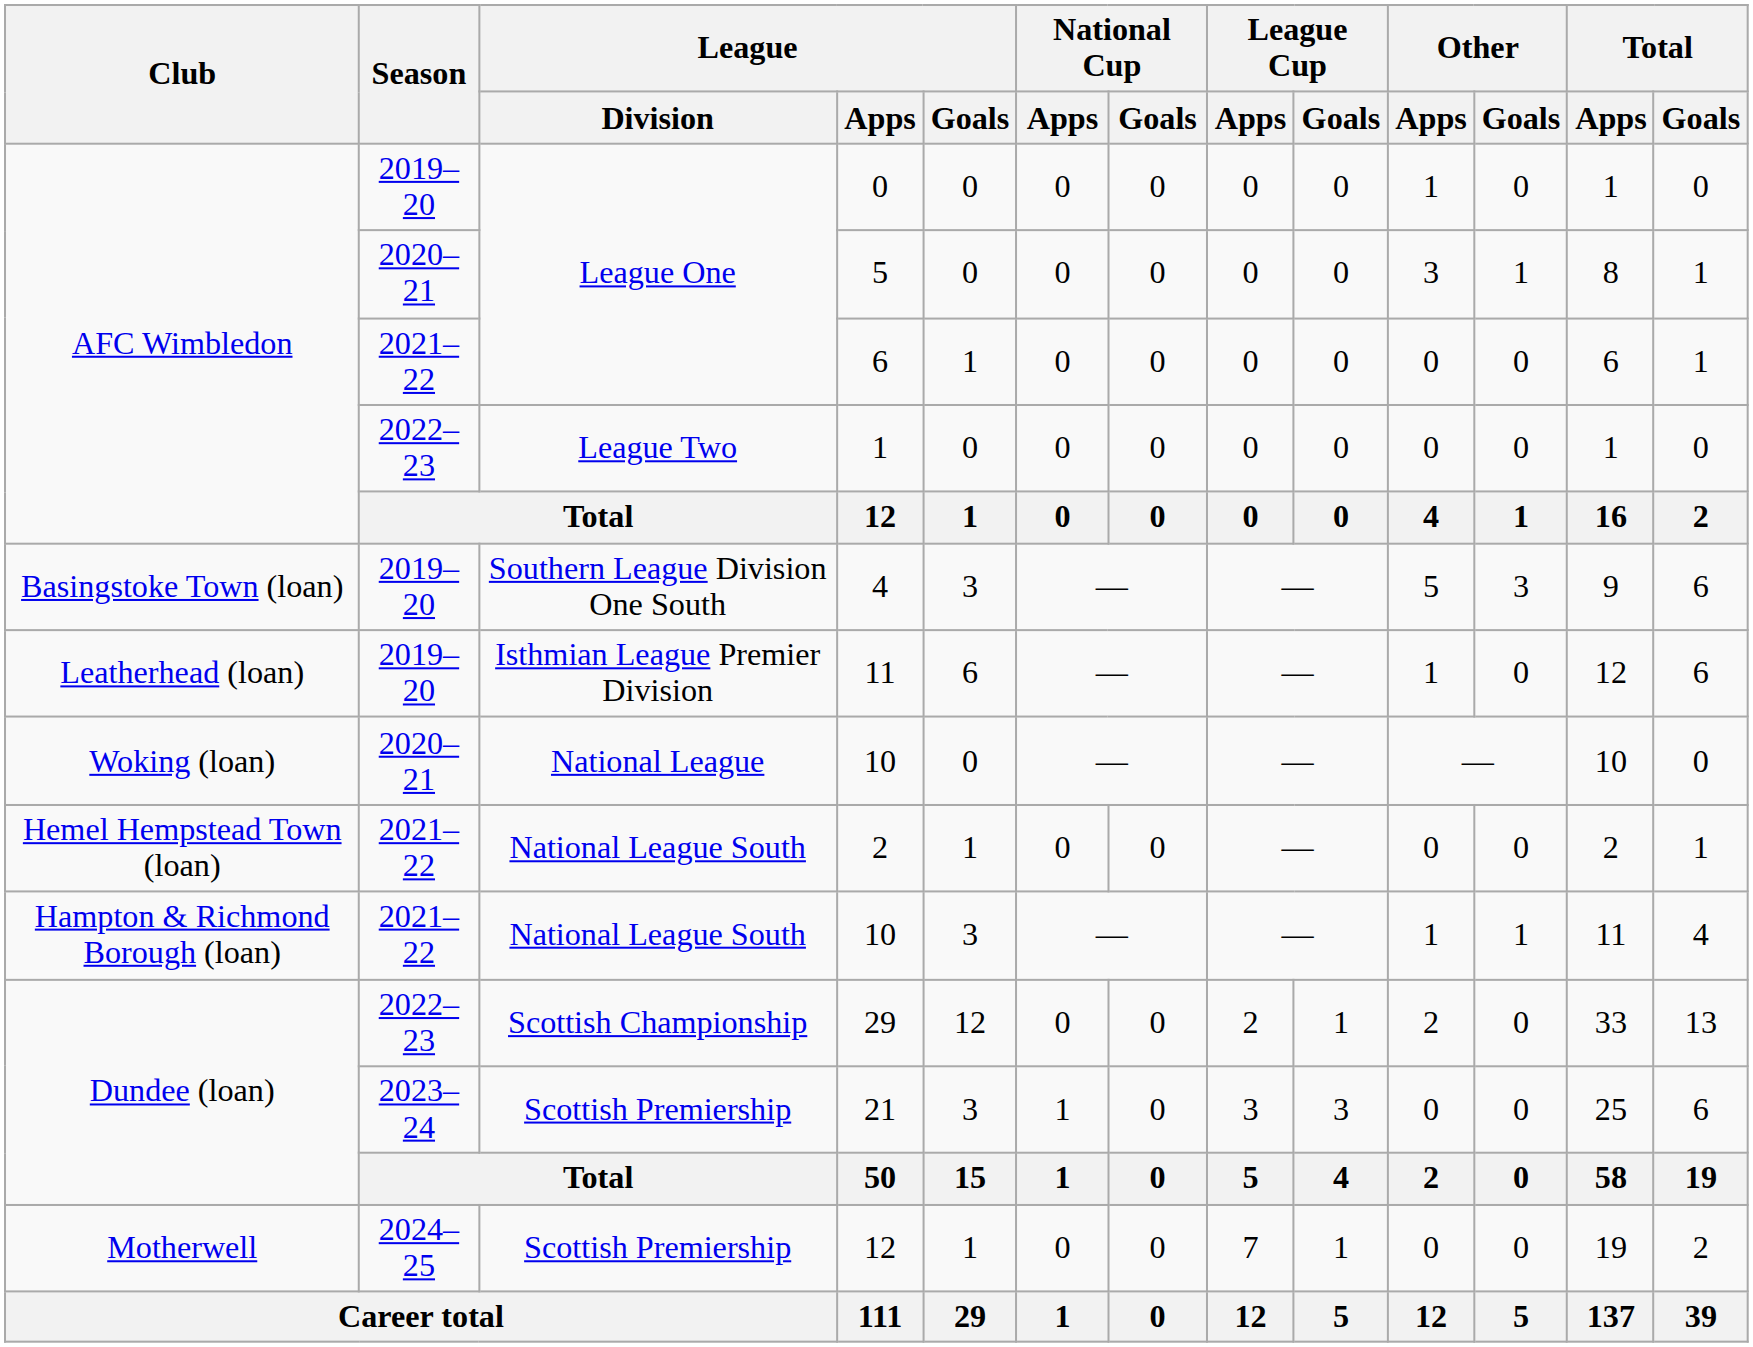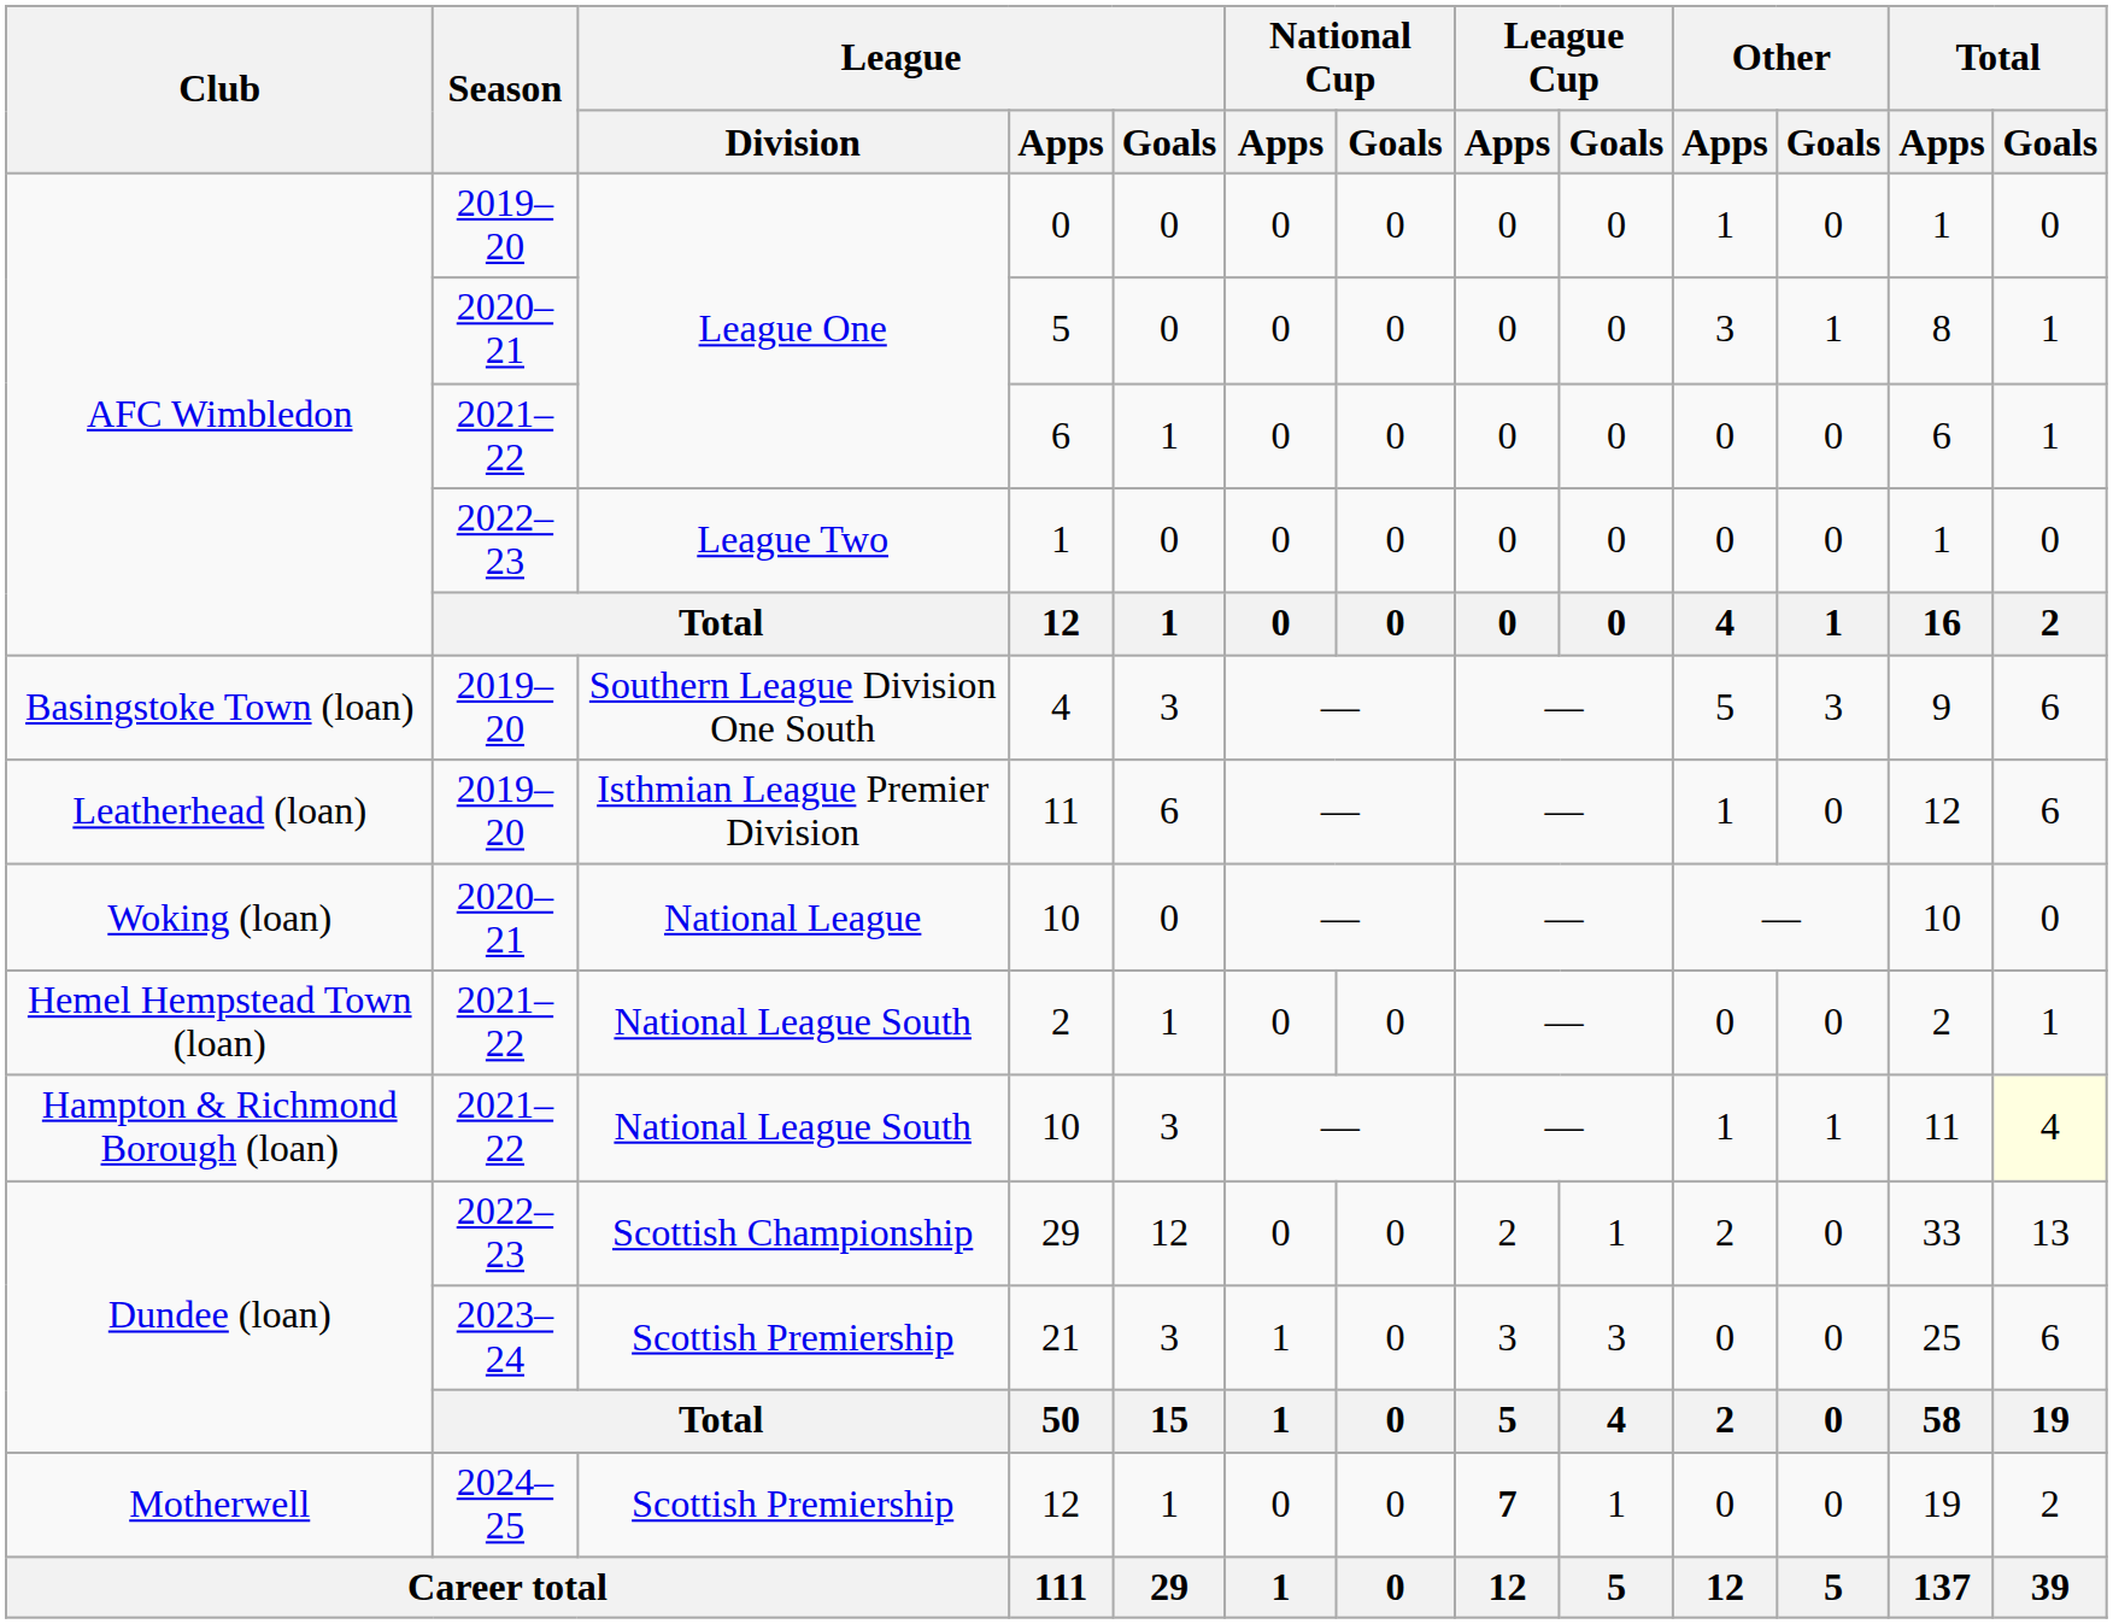 <table class="wikitable" style="text-align:center">
 <tr>
 <th rowspan="2">Club</th>
 <th rowspan="2">Season</th>
 <th colspan="3">League</th>
 <th colspan="2">National Cup</th>
 <th colspan="2">League Cup</th>
 <th colspan="2">Other</th>
 <th colspan="2">Total</th>
 </tr>
 <tr>
 <th>Division</th>
 <th>Apps</th>
 <th>Goals</th>
 <th>Apps</th>
 <th>Goals</th>
 <th>Apps</th>
 <th>Goals</th>
 <th>Apps</th>
 <th>Goals</th>
 <th>Apps</th>
 <th>Goals</th>
 </tr>
 <tr>
 <td rowspan="5"><a href='#'>AFC Wimbledon</a></td>
 <td><a href='#'>2019–20</a></td>
 <td rowspan="3"><a href='#'>League One</a></td>
 <td>0</td>
 <td>0</td>
 <td>0</td>
 <td>0</td>
 <td>0</td>
 <td>0</td>
 <td>1</td>
 <td>0</td>
 <td>1</td>
 <td>0</td>
 </tr>
 <tr>
 <td><a href='#'>2020–21</a></td>
 <td>5</td>
 <td>0</td>
 <td>0</td>
 <td>0</td>
 <td>0</td>
 <td>0</td>
 <td>3</td>
 <td>1</td>
 <td>8</td>
 <td>1</td>
 </tr>
 <tr>
 <td><a href='#'>2021–22</a></td>
 <td>6</td>
 <td>1</td>
 <td>0</td>
 <td>0</td>
 <td>0</td>
 <td>0</td>
 <td>0</td>
 <td>0</td>
 <td>6</td>
 <td>1</td>
 </tr>
 <tr>
 <td><a href='#'>2022–23</a></td>
 <td><a href='#'>League Two</a></td>
 <td>1</td>
 <td>0</td>
 <td>0</td>
 <td>0</td>
 <td>0</td>
 <td>0</td>
 <td>0</td>
 <td>0</td>
 <td>1</td>
 <td>0</td>
 </tr>
 <tr>
 <th colspan=2>Total</th>
 <th>12</th>
 <th>1</th>
 <th>0</th>
 <th>0</th>
 <th>0</th>
 <th>0</th>
 <th>4</th>
 <th>1</th>
 <th>16</th>
 <th>2</th>
 </tr>
 <tr>
 <td><a href='#'>Basingstoke Town</a> (loan)</td>
 <td><a href='#'>2019–20</a></td>
 <td><a href='#'>Southern League</a> Division One South</td>
 <td>4</td>
 <td>3</td>
 <td colspan="2">—</td>
 <td colspan="2">—</td>
 <td>5</td>
 <td>3</td>
 <td>9</td>
 <td>6</td>
 </tr>
 <tr>
 <td><a href='#'>Leatherhead</a> (loan)</td>
 <td><a href='#'>2019–20</a></td>
 <td><a href='#'>Isthmian League</a> Premier Division</td>
 <td>11</td>
 <td>6</td>
 <td colspan="2">—</td>
 <td colspan="2">—</td>
 <td>1</td>
 <td>0</td>
 <td>12</td>
 <td>6</td>
 </tr>
 <tr>
 <td><a href='#'>Woking</a> (loan)</td>
 <td><a href='#'>2020–21</a></td>
 <td><a href='#'>National League</a></td>
 <td>10</td>
 <td>0</td>
 <td colspan="2">—</td>
 <td colspan="2">—</td>
 <td colspan="2">—</td>
 <td>10</td>
 <td>0</td>
 </tr>
 <tr>
 <td><a href='#'>Hemel Hempstead Town</a> (loan)</td>
 <td><a href='#'>2021–22</a></td>
 <td><a href='#'>National League South</a></td>
 <td>2</td>
 <td>1</td>
 <td>0</td>
 <td>0</td>
 <td colspan="2">—</td>
 <td>0</td>
 <td>0</td>
 <td>2</td>
 <td>1</td>
 </tr>
 <tr>
 <td><a href='#'>Hampton & Richmond Borough</a> (loan)</td>
 <td><a href='#'>2021–22</a></td>
 <td><a href='#'>National League South</a></td>
 <td>10</td>
 <td>3</td>
 <td colspan="2">—</td>
 <td colspan="2">—</td>
 <td>1</td>
 <td>1</td>
 <td>11</td>
-<td>4</td>
+<td style="background: lightyellow;">4</td>
 </tr>
 <tr>
 <td rowspan=3><a href='#'>Dundee</a> (loan)</td>
 <td><a href='#'>2022–23</a></td>
 <td><a href='#'>Scottish Championship</a></td>
 <td>29</td>
 <td>12</td>
 <td>0</td>
 <td>0</td>
 <td>2</td>
 <td>1</td>
 <td>2</td>
 <td>0</td>
 <td>33</td>
 <td>13</td>
 </tr>
 <tr>
 <td><a href='#'>2023–24</a></td>
 <td><a href='#'>Scottish Premiership</a></td>
 <td>21</td>
 <td>3</td>
 <td>1</td>
 <td>0</td>
 <td>3</td>
 <td>3</td>
 <td>0</td>
 <td>0</td>
 <td>25</td>
 <td>6</td>
 </tr>
 <tr>
 <th colspan=2>Total</th>
 <th>50</th>
 <th>15</th>
 <th>1</th>
 <th>0</th>
 <th>5</th>
 <th>4</th>
 <th>2</th>
 <th>0</th>
 <th>58</th>
 <th>19</th>
 </tr>
 <tr>
 <td><a href='#'>Motherwell</a></td>
 <td><a href='#'>2024–25</a></td>
 <td><a href='#'>Scottish Premiership</a></td>
 <td>12</td>
 <td>1</td>
 <td>0</td>
 <td>0</td>
-<td>7</td>
+<td><strong>7</strong></td>
 <td>1</td>
 <td>0</td>
 <td>0</td>
 <td>19</td>
 <td>2</td>
 </tr>
 <tr>
 <th colspan=3>Career total</th>
 <th>111</th>
 <th>29</th>
 <th>1</th>
 <th>0</th>
 <th>12</th>
 <th>5</th>
 <th>12</th>
 <th>5</th>
 <th>137</th>
 <th>39</th>
 </tr>
 </table>
